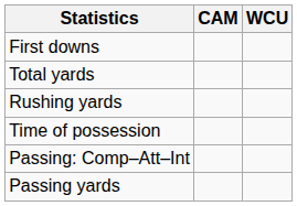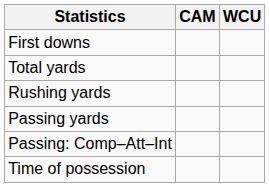 <table class="wikitable" style="float: left;">
 <tr>
 <th>Statistics</th>
 <th>CAM</th>
 <th>WCU</th>
 </tr>
 <tr>
 <td>First downs</td>
 <td></td>
 <td></td>
 </tr>
 <tr>
 <td>Total yards</td>
 <td></td>
 <td></td>
 </tr>
 <tr>
 <td>Rushing yards</td>
 <td></td>
 <td></td>
 </tr>
 <tr>
-<td>Time of possession</td>
+<td>Passing yards</td>
 <td></td>
 <td></td>
 </tr>
 <tr>
 <td>Passing: Comp–Att–Int</td>
 <td></td>
 <td></td>
 </tr>
 <tr>
-<td>Passing yards</td>
+<td>Time of possession</td>
 <td></td>
 <td></td>
 </tr>
 <tr>
 </tr>
 </table>
